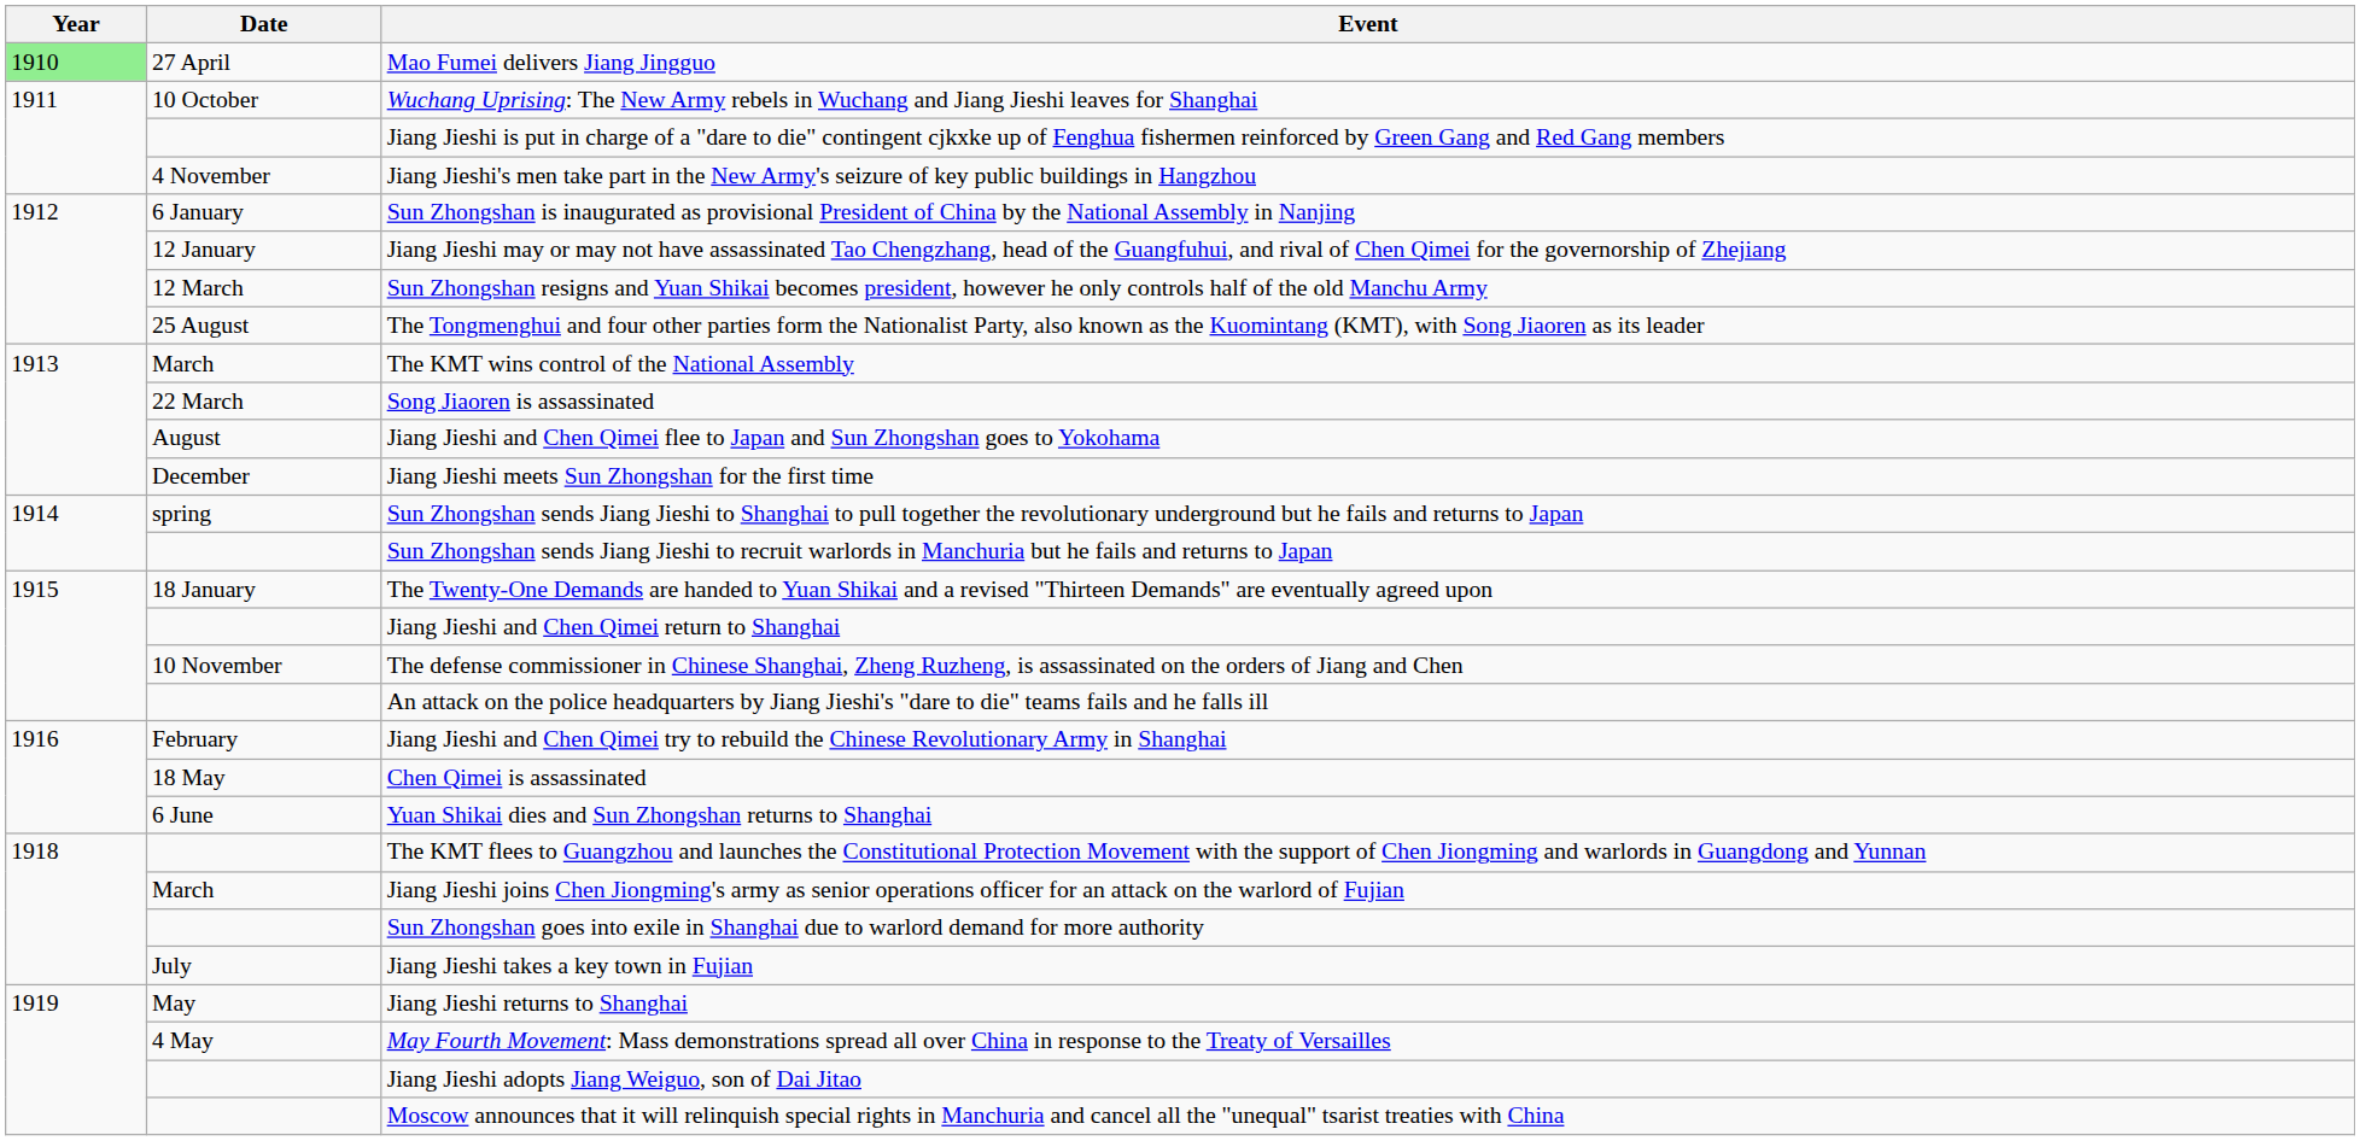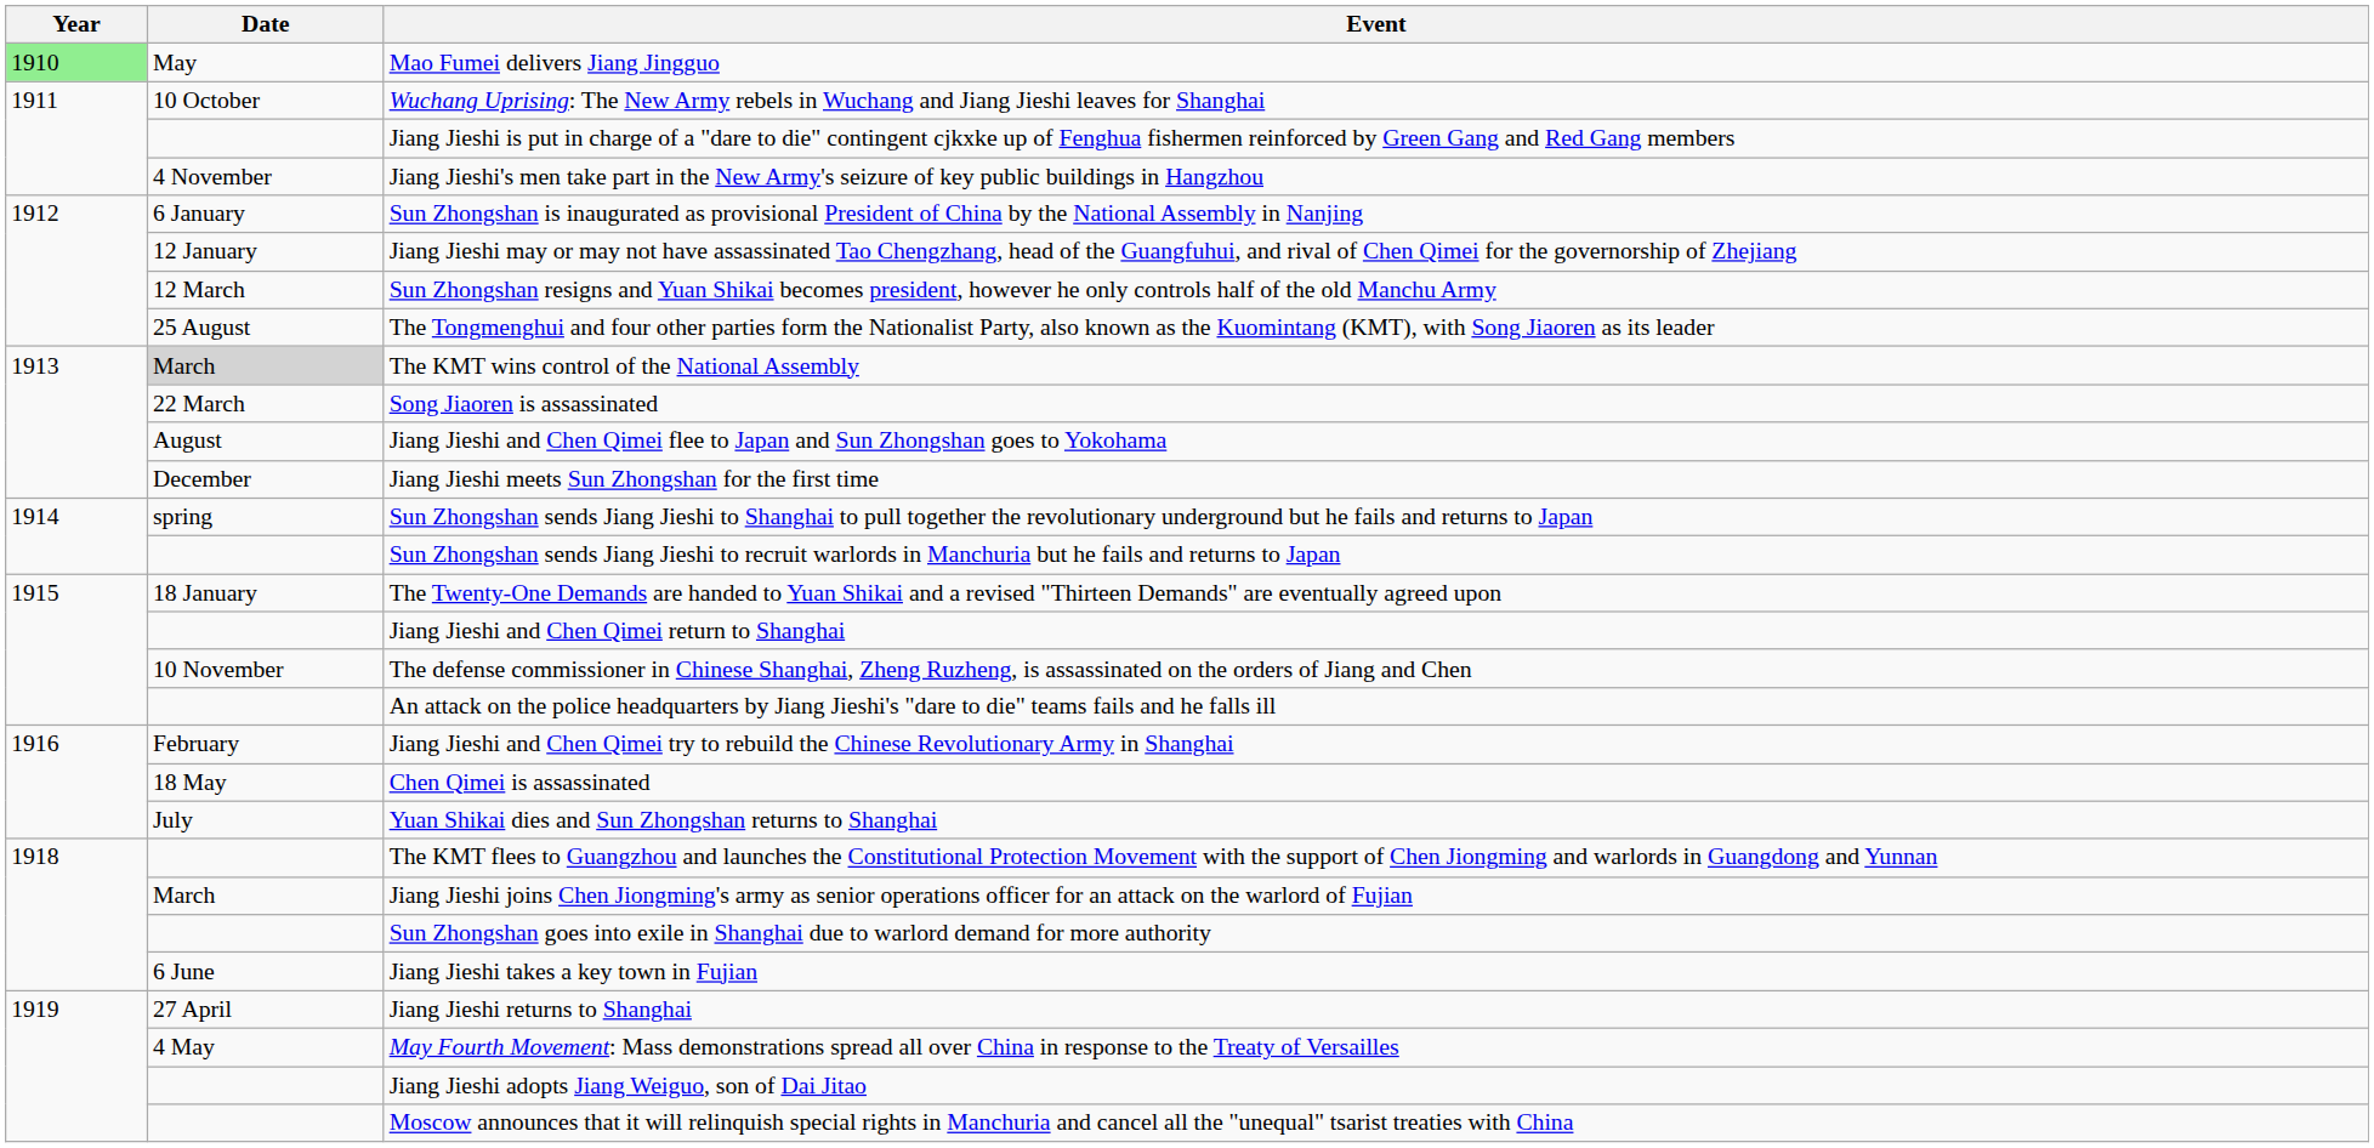 <table class="wikitable" width="100%">
 <tr>
 <th style="width:6%">Year</th>
 <th style="width:10%">Date</th>
 <th>Event</th>
 </tr>
 <tr>
 <td style="background: lightgreen;">1910</td>
-<td>27 April</td>
+<td>May</td>
 <td><a href='#'>Mao Fumei</a> delivers <a href='#'>Jiang Jingguo</a></td>
 </tr>
 <tr>
 <td rowspan="3" valign="top">1911</td>
 <td>10 October</td>
 <td><em><a href='#'>Wuchang Uprising</a></em>: The <a href='#'>New Army</a> rebels in <a href='#'>Wuchang</a> and Jiang Jieshi leaves for <a href='#'>Shanghai</a></td>
 </tr>
 <tr>
 <td></td>
 <td>Jiang Jieshi is put in charge of a "dare to die" contingent cjkxke up of <a href='#'>Fenghua</a> fishermen reinforced by <a href='#'>Green Gang</a> and <a href='#'>Red Gang</a> members</td>
 </tr>
 <tr>
 <td>4 November</td>
 <td>Jiang Jieshi's men take part in the <a href='#'>New Army</a>'s seizure of key public buildings in <a href='#'>Hangzhou</a></td>
 </tr>
 <tr>
 <td rowspan="4" valign="top">1912</td>
 <td>6 January</td>
 <td><a href='#'>Sun Zhongshan</a> is inaugurated as provisional <a href='#'>President of China</a> by the <a href='#'>National Assembly</a> in <a href='#'>Nanjing</a></td>
 </tr>
 <tr>
 <td>12 January</td>
 <td>Jiang Jieshi may or may not have assassinated <a href='#'>Tao Chengzhang</a>, head of the <a href='#'>Guangfuhui</a>, and rival of <a href='#'>Chen Qimei</a> for the governorship of <a href='#'>Zhejiang</a></td>
 </tr>
 <tr>
 <td>12 March</td>
 <td><a href='#'>Sun Zhongshan</a> resigns and <a href='#'>Yuan Shikai</a> becomes <a href='#'>president</a>, however he only controls half of the old <a href='#'>Manchu Army</a></td>
 </tr>
 <tr>
 <td>25 August</td>
 <td>The <a href='#'>Tongmenghui</a> and four other parties form the Nationalist Party, also known as the <a href='#'>Kuomintang</a> (KMT), with <a href='#'>Song Jiaoren</a> as its leader</td>
 </tr>
 <tr>
 <td rowspan="4" valign="top">1913</td>
-<td>March</td>
+<td style="background: lightgrey;">March</td>
 <td>The KMT wins control of the <a href='#'>National Assembly</a></td>
 </tr>
 <tr>
 <td>22 March</td>
 <td><a href='#'>Song Jiaoren</a> is assassinated</td>
 </tr>
 <tr>
 <td>August</td>
 <td>Jiang Jieshi and <a href='#'>Chen Qimei</a> flee to <a href='#'>Japan</a> and <a href='#'>Sun Zhongshan</a> goes to <a href='#'>Yokohama</a></td>
 </tr>
 <tr>
 <td>December</td>
 <td>Jiang Jieshi meets <a href='#'>Sun Zhongshan</a> for the first time</td>
 </tr>
 <tr>
 <td rowspan="2" valign="top">1914</td>
 <td>spring</td>
 <td><a href='#'>Sun Zhongshan</a> sends Jiang Jieshi to <a href='#'>Shanghai</a> to pull together the revolutionary underground but he fails and returns to <a href='#'>Japan</a></td>
 </tr>
 <tr>
 <td></td>
 <td><a href='#'>Sun Zhongshan</a> sends Jiang Jieshi to recruit warlords in <a href='#'>Manchuria</a> but he fails and returns to <a href='#'>Japan</a></td>
 </tr>
 <tr>
 <td rowspan="4" valign="top">1915</td>
 <td>18 January</td>
 <td>The <a href='#'>Twenty-One Demands</a> are handed to <a href='#'>Yuan Shikai</a> and a revised "Thirteen Demands" are eventually agreed upon</td>
 </tr>
 <tr>
 <td></td>
 <td>Jiang Jieshi and <a href='#'>Chen Qimei</a> return to <a href='#'>Shanghai</a></td>
 </tr>
 <tr>
 <td>10 November</td>
 <td>The defense commissioner in <a href='#'>Chinese Shanghai</a>, <a href='#'>Zheng Ruzheng</a>, is assassinated on the orders of Jiang and Chen</td>
 </tr>
 <tr>
 <td></td>
 <td>An attack on the police headquarters by Jiang Jieshi's "dare to die" teams fails and he falls ill</td>
 </tr>
 <tr>
 <td rowspan="3" valign="top">1916</td>
 <td>February</td>
 <td>Jiang Jieshi and <a href='#'>Chen Qimei</a> try to rebuild the <a href='#'>Chinese Revolutionary Army</a> in <a href='#'>Shanghai</a></td>
 </tr>
 <tr>
 <td>18 May</td>
 <td><a href='#'>Chen Qimei</a> is assassinated</td>
 </tr>
 <tr>
-<td>6 June</td>
+<td>July</td>
 <td><a href='#'>Yuan Shikai</a> dies and <a href='#'>Sun Zhongshan</a> returns to <a href='#'>Shanghai</a></td>
 </tr>
 <tr>
 <td rowspan="4" valign="top">1918</td>
 <td></td>
 <td>The KMT flees to <a href='#'>Guangzhou</a> and launches the <a href='#'>Constitutional Protection Movement</a> with the support of <a href='#'>Chen Jiongming</a> and warlords in <a href='#'>Guangdong</a> and <a href='#'>Yunnan</a></td>
 </tr>
 <tr>
 <td>March</td>
 <td>Jiang Jieshi joins <a href='#'>Chen Jiongming</a>'s army as senior operations officer for an attack on the warlord of <a href='#'>Fujian</a></td>
 </tr>
 <tr>
 <td></td>
 <td><a href='#'>Sun Zhongshan</a> goes into exile in <a href='#'>Shanghai</a> due to warlord demand for more authority</td>
 </tr>
 <tr>
-<td>July</td>
+<td>6 June</td>
 <td>Jiang Jieshi takes a key town in <a href='#'>Fujian</a></td>
 </tr>
 <tr>
 <td rowspan="4" valign="top">1919</td>
-<td>May</td>
+<td>27 April</td>
 <td>Jiang Jieshi returns to <a href='#'>Shanghai</a></td>
 </tr>
 <tr>
 <td>4 May</td>
 <td><em><a href='#'>May Fourth Movement</a></em>: Mass demonstrations spread all over <a href='#'>China</a> in response to the <a href='#'>Treaty of Versailles</a></td>
 </tr>
 <tr>
 <td></td>
 <td>Jiang Jieshi adopts <a href='#'>Jiang Weiguo</a>, son of <a href='#'>Dai Jitao</a></td>
 </tr>
 <tr>
 <td></td>
 <td><a href='#'>Moscow</a> announces that it will relinquish special rights in <a href='#'>Manchuria</a> and cancel all the "unequal" tsarist treaties with <a href='#'>China</a></td>
 </tr>
 </table>
